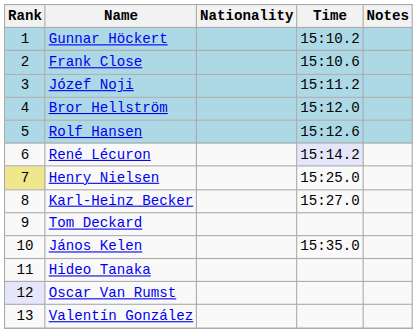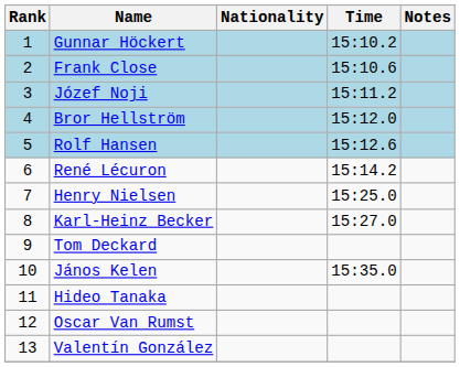 <table class="wikitable sortable" style="text-align:center">
 <tr>
 <th>Rank</th>
 <th>Name</th>
 <th>Nationality</th>
 <th>Time</th>
 <th>Notes</th>
 </tr>
 <tr bgcolor=lightblue>
 <td>1</td>
 <td align=left><a href='#'>Gunnar Höckert</a></td>
 <td align=left></td>
 <td>15:10.2</td>
 <td></td>
 </tr>
 <tr bgcolor=lightblue>
 <td>2</td>
 <td align=left><a href='#'>Frank Close</a></td>
 <td align=left></td>
 <td>15:10.6</td>
 <td></td>
 </tr>
 <tr bgcolor=lightblue>
 <td>3</td>
 <td align=left><a href='#'>Józef Noji</a></td>
 <td align=left></td>
 <td>15:11.2</td>
 <td></td>
 </tr>
 <tr bgcolor=lightblue>
 <td>4</td>
 <td align=left><a href='#'>Bror Hellström</a></td>
 <td align=left></td>
 <td>15:12.0</td>
 <td></td>
 </tr>
 <tr bgcolor=lightblue>
 <td>5</td>
 <td align=left><a href='#'>Rolf Hansen</a></td>
 <td align=left></td>
 <td>15:12.6</td>
 <td></td>
 </tr>
 <tr>
 <td>6</td>
 <td align=left><a href='#'>René Lécuron</a></td>
 <td align=left></td>
-<td style="background: lavender;">15:14.2</td>
+<td>15:14.2</td>
 <td></td>
 </tr>
 <tr>
-<td style="background: khaki;">7</td>
+<td>7</td>
 <td align=left><a href='#'>Henry Nielsen</a></td>
 <td align=left></td>
 <td>15:25.0</td>
 <td></td>
 </tr>
 <tr>
 <td>8</td>
 <td align=left><a href='#'>Karl-Heinz Becker</a></td>
 <td align=left></td>
 <td>15:27.0</td>
 <td></td>
 </tr>
 <tr>
 <td>9</td>
 <td align=left><a href='#'>Tom Deckard</a></td>
 <td align=left></td>
 <td></td>
 <td></td>
 </tr>
 <tr>
 <td>10</td>
 <td align=left><a href='#'>János Kelen</a></td>
 <td align=left></td>
 <td>15:35.0</td>
 <td></td>
 </tr>
 <tr>
 <td>11</td>
 <td align=left><a href='#'>Hideo Tanaka</a></td>
 <td align=left></td>
 <td></td>
 <td></td>
 </tr>
 <tr>
-<td style="background: lavender;">12</td>
+<td>12</td>
 <td align=left><a href='#'>Oscar Van Rumst</a></td>
 <td align=left></td>
 <td></td>
 <td></td>
 </tr>
 <tr>
 <td>13</td>
 <td align=left><a href='#'>Valentín González</a></td>
 <td align=left></td>
 <td></td>
 <td></td>
 </tr>
 <tr>
 </tr>
 </table>
